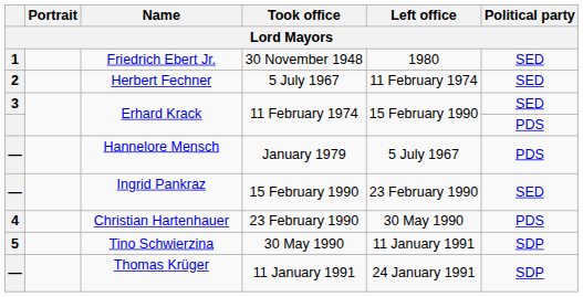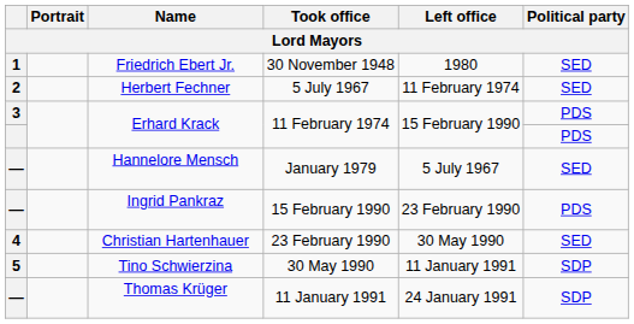 <table class="wikitable" style="text-align:center">
 <tr>
 <th></th>
 <th>Portrait</th>
 <th width=180>Name<br></th>
 <th>Took office</th>
 <th>Left office</th>
 <th>Political party</th>
 </tr>
 <tr>
 <th colspan=6>Lord Mayors</th>
 </tr>
 <tr>
 <th style="background:">1</th>
 <td></td>
 <td><a href='#'>Friedrich Ebert Jr.</a><br></td>
 <td>30 November 1948</td>
 <td>1980</td>
 <td><a href='#'>SED</a></td>
 </tr>
 <tr>
 <th style="background:">2</th>
 <td></td>
 <td><a href='#'>Herbert Fechner</a><br></td>
 <td>5 July 1967</td>
 <td>11 February 1974</td>
 <td><a href='#'>SED</a></td>
 </tr>
 <tr>
 <th style="background:">3</th>
 <td rowspan=2></td>
 <td rowspan=2><a href='#'>Erhard Krack</a><br></td>
 <td rowspan=2>11 February 1974</td>
 <td rowspan=2>15 February 1990</td>
-<td><a href='#'>SED</a><br></td>
+<td><a href='#'>PDS</a><br></td>
 </tr>
 <tr>
 <th style="background:"></th>
 <td><a href='#'>PDS</a><br></td>
 </tr>
 <tr>
 <th style="background:">—</th>
 <td></td>
 <td><a href='#'>Hannelore Mensch</a><br><br></td>
 <td>January 1979</td>
 <td>5 July 1967</td>
-<td><a href='#'>PDS</a></td>
+<td><a href='#'>SED</a></td>
 </tr>
 <tr>
 <th style="background:">—</th>
 <td></td>
 <td><a href='#'>Ingrid Pankraz</a><br><br></td>
 <td>15 February 1990</td>
 <td>23 February 1990</td>
-<td><a href='#'>SED</a></td>
+<td><a href='#'>PDS</a></td>
 </tr>
 <tr>
 <th style="background:">4</th>
 <td></td>
 <td><a href='#'>Christian Hartenhauer</a><br></td>
 <td>23 February 1990</td>
 <td>30 May 1990</td>
-<td><a href='#'>PDS</a></td>
+<td><a href='#'>SED</a></td>
 </tr>
 <tr>
 <th style="background:">5</th>
 <td></td>
 <td><a href='#'>Tino Schwierzina</a><br></td>
 <td>30 May 1990</td>
 <td>11 January 1991</td>
 <td><a href='#'>SDP</a></td>
 </tr>
 <tr>
 <th style="background:">—</th>
 <td></td>
 <td><a href='#'>Thomas Krüger</a><br><br></td>
 <td>11 January 1991</td>
 <td>24 January 1991</td>
 <td><a href='#'>SDP</a></td>
 </tr>
 </table>
